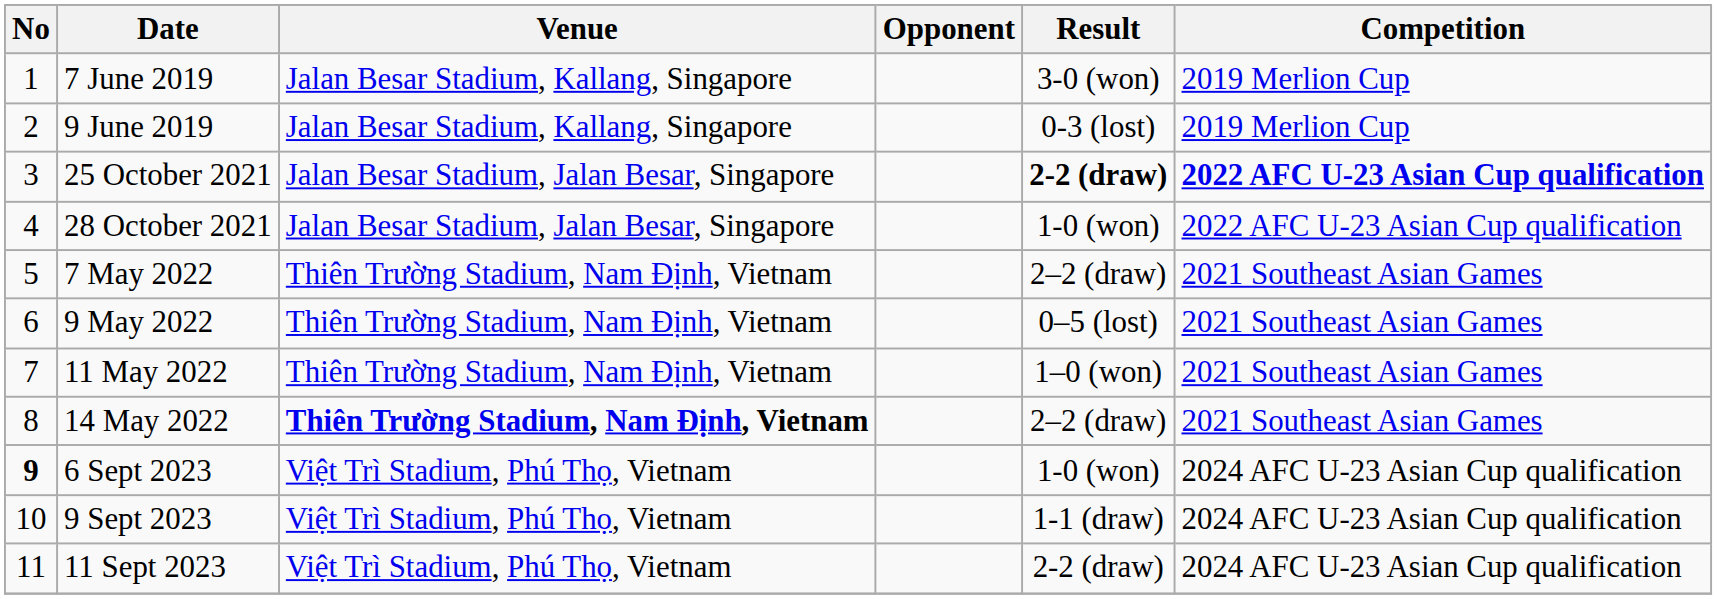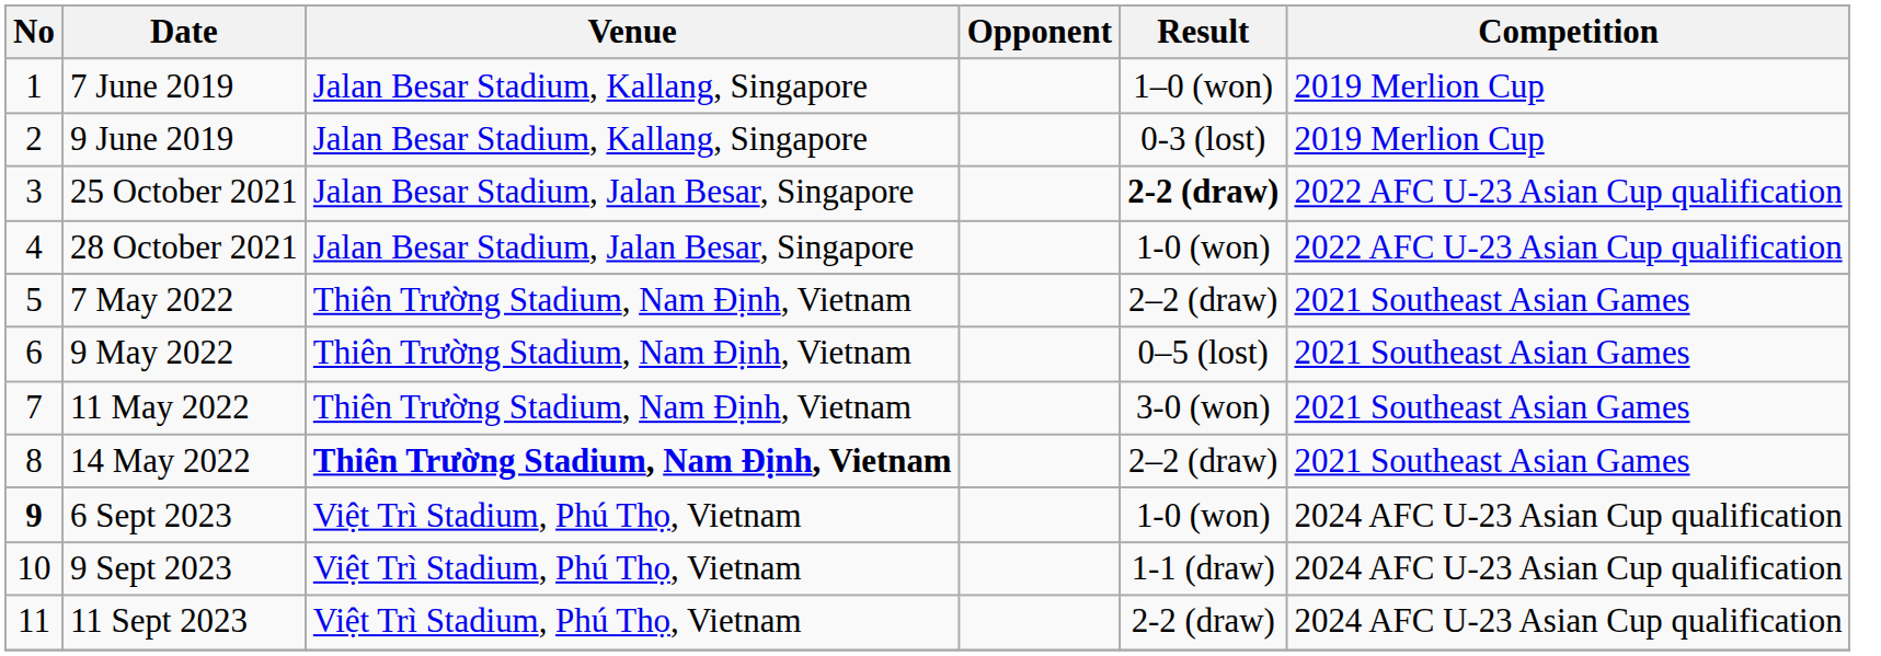 <table class="wikitable">
 <tr>
 <th>No</th>
 <th>Date</th>
 <th>Venue</th>
 <th>Opponent</th>
 <th>Result</th>
 <th>Competition</th>
 </tr>
 <tr>
 <td align=center>1</td>
 <td>7 June 2019</td>
 <td><a href='#'>Jalan Besar Stadium</a>, <a href='#'>Kallang</a>, Singapore</td>
 <td></td>
-<td align=center>3-0 (won)</td>
+<td align=center>1–0 (won)</td>
 <td><a href='#'>2019 Merlion Cup</a></td>
 </tr>
 <tr>
 <td align=center>2</td>
 <td>9 June 2019</td>
 <td><a href='#'>Jalan Besar Stadium</a>, <a href='#'>Kallang</a>, Singapore</td>
 <td></td>
 <td align=center>0-3 (lost)</td>
 <td><a href='#'>2019 Merlion Cup</a></td>
 </tr>
 <tr>
 <td align=center>3</td>
 <td>25 October 2021</td>
 <td><a href='#'>Jalan Besar Stadium</a>, <a href='#'>Jalan Besar</a>, Singapore</td>
 <td></td>
 <td align=center><strong>2-2 (draw)</strong></td>
-<td><strong><a href='#'>2022 AFC U-23 Asian Cup qualification</a></strong></td>
+<td><a href='#'>2022 AFC U-23 Asian Cup qualification</a></td>
 </tr>
 <tr>
 <td align=center>4</td>
 <td>28 October 2021</td>
 <td><a href='#'>Jalan Besar Stadium</a>, <a href='#'>Jalan Besar</a>, Singapore</td>
 <td></td>
 <td align=center>1-0 (won)</td>
 <td><a href='#'>2022 AFC U-23 Asian Cup qualification</a></td>
 </tr>
 <tr>
 <td align=center>5</td>
 <td>7 May 2022</td>
 <td><a href='#'>Thiên Trường Stadium</a>, <a href='#'>Nam Định</a>, Vietnam</td>
 <td></td>
 <td align=center>2–2 (draw)</td>
 <td><a href='#'>2021 Southeast Asian Games</a></td>
 </tr>
 <tr>
 <td align=center>6</td>
 <td>9 May 2022</td>
 <td><a href='#'>Thiên Trường Stadium</a>, <a href='#'>Nam Định</a>, Vietnam</td>
 <td></td>
 <td align=center>0–5 (lost)</td>
 <td><a href='#'>2021 Southeast Asian Games</a></td>
 </tr>
 <tr>
 <td align=center>7</td>
 <td>11 May 2022</td>
 <td><a href='#'>Thiên Trường Stadium</a>, <a href='#'>Nam Định</a>, Vietnam</td>
 <td></td>
-<td align=center>1–0 (won)</td>
+<td align=center>3-0 (won)</td>
 <td><a href='#'>2021 Southeast Asian Games</a></td>
 </tr>
 <tr>
 <td align=center>8</td>
 <td>14 May 2022</td>
 <td><strong><a href='#'>Thiên Trường Stadium</a>, <a href='#'>Nam Định</a>, Vietnam</strong></td>
 <td></td>
 <td align=center>2–2 (draw)</td>
 <td><a href='#'>2021 Southeast Asian Games</a></td>
 </tr>
 <tr>
 <td align=center><strong>9</strong></td>
 <td>6 Sept 2023</td>
 <td><a href='#'>Việt Trì Stadium</a>, <a href='#'>Phú Thọ</a>, Vietnam</td>
 <td></td>
 <td align=center>1-0 (won)</td>
 <td>2024 AFC U-23 Asian Cup qualification</td>
 </tr>
 <tr>
 <td align=center>10</td>
 <td>9 Sept 2023</td>
 <td><a href='#'>Việt Trì Stadium</a>, <a href='#'>Phú Thọ</a>, Vietnam</td>
 <td></td>
 <td align=center>1-1 (draw)</td>
 <td>2024 AFC U-23 Asian Cup qualification</td>
 </tr>
 <tr>
 <td align=center>11</td>
 <td>11 Sept 2023</td>
 <td><a href='#'>Việt Trì Stadium</a>, <a href='#'>Phú Thọ</a>, Vietnam</td>
 <td></td>
 <td align=center>2-2 (draw)</td>
 <td>2024 AFC U-23 Asian Cup qualification</td>
 </tr>
 <tr>
 </tr>
 </table>
